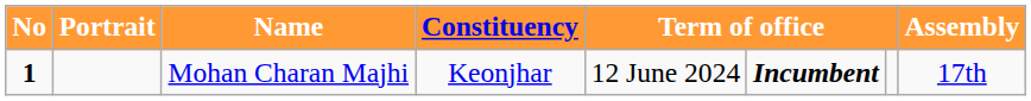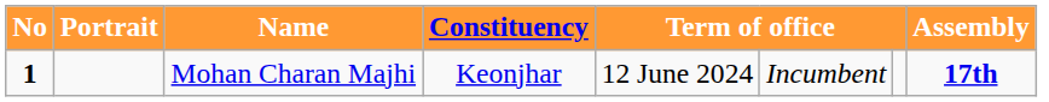 <table class="wikitable">
 <tr>
 <th style="background-color:#FF9933; color:white">No</th>
 <th style="background-color:#FF9933; color:white">Portrait</th>
 <th style="background-color:#FF9933; color:white">Name</th>
 <th style="background-color:#FF9933; color:white"><a href='#'>Constituency</a></th>
 <th colspan="3" style="background-color:#FF9933; color:white">Term of office</th>
 <th style="background-color:#FF9933; color:white">Assembly</th>
 </tr>
 <tr style="text-align:center;">
 <td><strong>1</strong></td>
 <td></td>
 <td><a href='#'>Mohan Charan Majhi</a></td>
 <td><a href='#'>Keonjhar</a></td>
 <td>12 June 2024</td>
-<td><strong><em>Incumbent</em></strong></td>
+<td><em>Incumbent</em></td>
 <td></td>
-<td><a href='#'>17th</a></td>
+<td><strong><a href='#'>17th</a></strong></td>
 </tr>
 </table>
